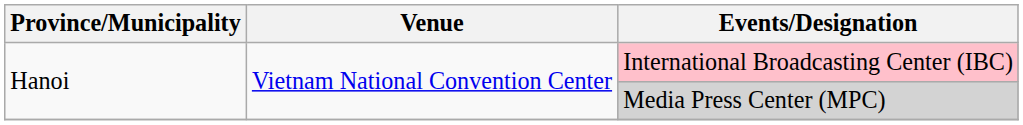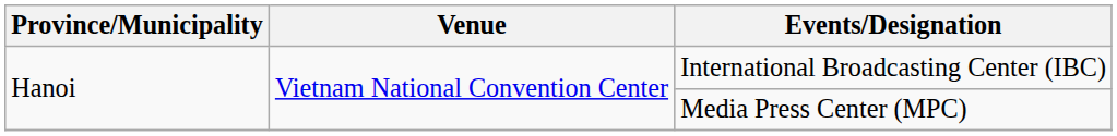 <table class="wikitable">
 <tr>
 <th>Province/Municipality</th>
 <th>Venue</th>
 <th>Events/Designation</th>
 </tr>
 <tr>
 <td rowspan="2">Hanoi</td>
 <td rowspan="2"><a href='#'>Vietnam National Convention Center</a></td>
-<td style="background: pink;">International Broadcasting Center (IBC)</td>
+<td>International Broadcasting Center (IBC)</td>
 </tr>
 <tr>
-<td style="background: lightgrey;">Media Press Center (MPC)</td>
+<td>Media Press Center (MPC)</td>
 </tr>
 <tr>
 </tr>
 </table>
